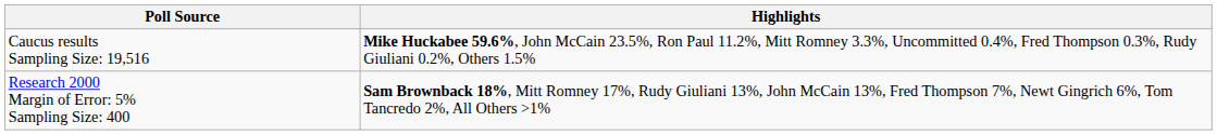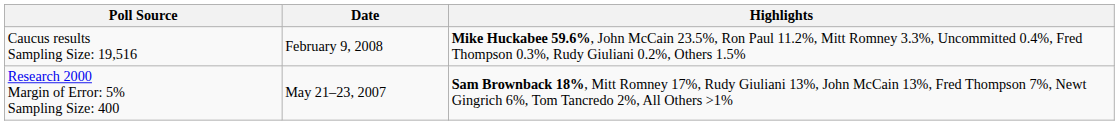 <table class="wikitable sortable">
 <tr>
 <th width="25%">Poll Source</th>
+<th width="15%">Date</th>
 <th width="60%">Highlights</th>
 </tr>
 <tr>
 <td>Caucus results<br>Sampling Size: 19,516</td>
+<td>February 9, 2008</td>
 <td><strong>Mike Huckabee 59.6%</strong>, John McCain 23.5%, Ron Paul 11.2%, Mitt Romney 3.3%, Uncommitted 0.4%, Fred Thompson 0.3%, Rudy Giuliani 0.2%, Others 1.5%</td>
 </tr>
 <tr>
 <td><a href='#'>Research 2000</a><br>Margin of Error: 5%<br> Sampling Size: 400</td>
+<td>May 21–23, 2007</td>
 <td><strong>Sam Brownback 18%</strong>, Mitt Romney 17%, Rudy Giuliani 13%, John McCain 13%, Fred Thompson 7%, Newt Gingrich 6%, Tom Tancredo 2%, All Others >1%</td>
 </tr>
 </table>
